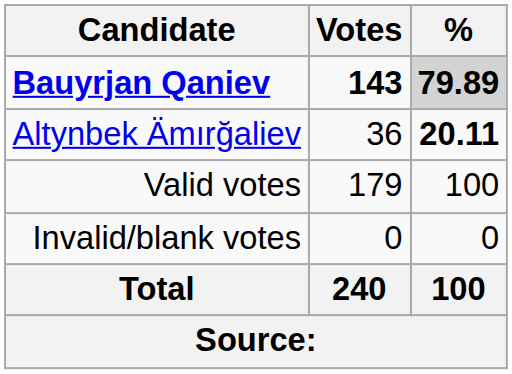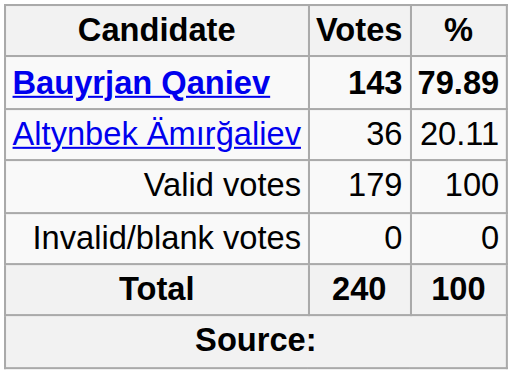 <table class="wikitable" style="text-align:right">
 <tr>
 <th>Candidate</th>
 <th>Votes</th>
 <th>%</th>
 </tr>
 <tr>
 <td align="left"><strong><a href='#'>Bauyrjan Qaniev</a></strong></td>
 <td><strong>143</strong></td>
-<td style="background: lightgrey;"><strong>79.89</strong></td>
+<td><strong>79.89</strong></td>
 </tr>
 <tr>
 <td align="left"><a href='#'>Altynbek Ämırğaliev</a></td>
 <td>36</td>
-<td><strong>20.11</strong></td>
+<td>20.11</td>
 </tr>
 <tr>
 <td>Valid votes</td>
 <td>179</td>
 <td>100</td>
 </tr>
 <tr>
 <td>Invalid/blank votes</td>
 <td>0</td>
 <td>0</td>
 </tr>
 <tr>
 <th>Total</th>
 <th>240</th>
 <th>100</th>
 </tr>
 <tr>
 <th colspan="3">Source: </th>
 </tr>
 </table>
